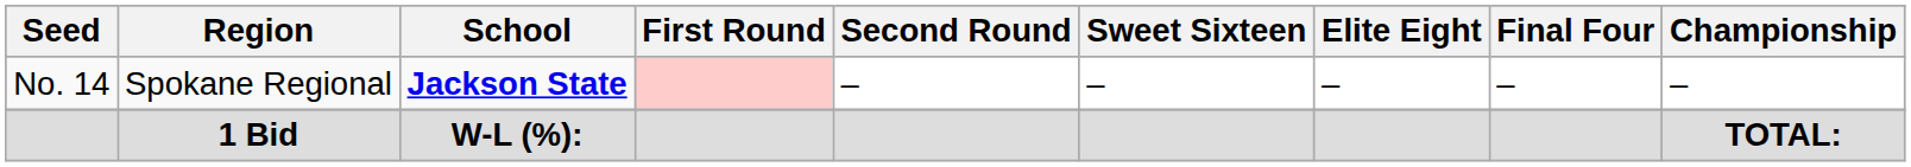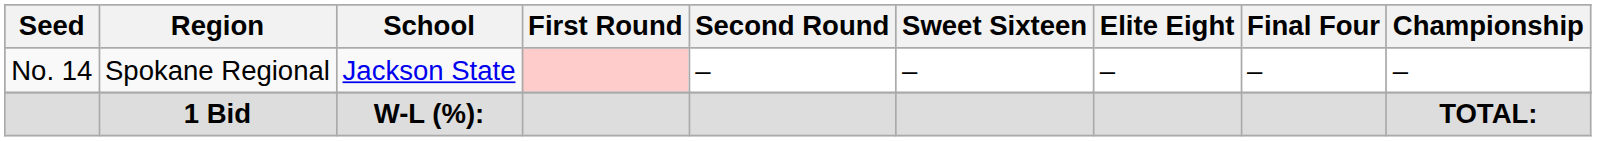 <table class="sortable wikitable" style="white-space:nowrap; font-size:100%;">
 <tr>
 <th>Seed</th>
 <th>Region</th>
 <th>School</th>
 <th>First Round</th>
 <th>Second Round</th>
 <th>Sweet Sixteen</th>
 <th>Elite Eight</th>
 <th>Final Four</th>
 <th>Championship</th>
 </tr>
 <tr>
 <td>No. 14</td>
 <td>Spokane Regional</td>
-<td><strong><a href='#'>Jackson State</a></strong></td>
+<td><a href='#'>Jackson State</a></td>
 <td style="background:#fcc;"></td>
 <td style="background:#fff;">–</td>
 <td style="background:#fff;">–</td>
 <td style="background:#fff;">–</td>
 <td style="background:#fff;">–</td>
 <td style="background:#fff;">–</td>
 </tr>
 <tr>
 </tr>
 <tr class="sortbottom" style="text-align:center; background:#ddd;">
 <td></td>
 <td><strong>1 Bid</strong></td>
 <td><strong>W-L (%):</strong></td>
 <td></td>
 <td></td>
 <td></td>
 <td></td>
 <td></td>
 <td><strong>TOTAL:</strong> </td>
 </tr>
 </table>
